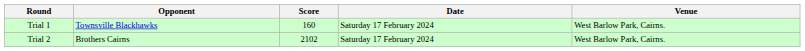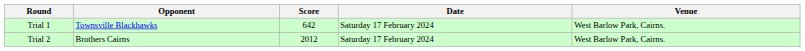 <table class="wikitable" style="font-size:85%; bgcolor:#d6d6d6; width:100%;">
 <tr>
 <th width="">Round</th>
 <th width="">Opponent</th>
 <th width="">Score</th>
 <th width="">Date</th>
 <th width="">Venue</th>
 </tr>
 <tr bgcolor=#CCFFCC>
 <td style="text-align:center;">Trial 1</td>
 <td> <a href='#'>Townsville Blackhawks</a></td>
-<td style="text-align:center;">160</td>
+<td style="text-align:center;">642</td>
 <td>Saturday 17 February 2024</td>
 <td>West Barlow Park, Cairns.</td>
 </tr>
 <tr bgcolor=#CCFFCC>
 <td style="text-align:center;">Trial 2</td>
 <td> Brothers Cairns</td>
-<td style="text-align:center;">2102</td>
+<td style="text-align:center;">2012</td>
 <td>Saturday 17 February 2024</td>
 <td>West Barlow Park, Cairns.</td>
 </tr>
 </table>
